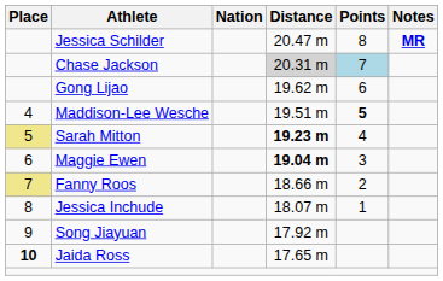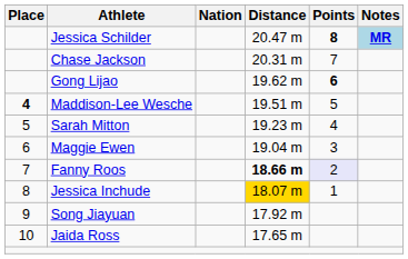 <table class="wikitable mw-datatable sortable" style="text-align:center;">
 <tr>
 <th scope="col">Place</th>
 <th scope="col">Athlete</th>
 <th scope="col">Nation</th>
 <th scope="col">Distance</th>
 <th scope="col">Points</th>
 <th scope="col">Notes</th>
 </tr>
 <tr>
 <td></td>
 <td align="left"><a href='#'>Jessica Schilder</a></td>
 <td align="left"></td>
 <td>20.47 m</td>
-<td>8</td>
-<td><strong><a href='#'>MR</a></strong></td>
+<td><strong>8</strong></td>
+<td style="background: lightblue;"><strong><a href='#'>MR</a></strong></td>
 </tr>
 <tr>
 <td></td>
 <td align="left"><a href='#'>Chase Jackson</a></td>
 <td align="left"></td>
-<td style="background: lightgrey;">20.31 m</td>
-<td style="background: lightblue;">7</td>
+<td>20.31 m</td>
+<td>7</td>
 <td></td>
 </tr>
 <tr>
 <td></td>
 <td align="left"><a href='#'>Gong Lijao</a></td>
 <td align="left"></td>
 <td>19.62 m</td>
-<td>6</td>
+<td><strong>6</strong></td>
 <td></td>
 </tr>
 <tr>
-<td>4</td>
+<td><strong>4</strong></td>
 <td align="left"><a href='#'>Maddison-Lee Wesche</a></td>
 <td align="left"></td>
 <td>19.51 m</td>
-<td><strong>5</strong></td>
+<td>5</td>
 <td></td>
 </tr>
 <tr>
-<td style="background: khaki;">5</td>
+<td>5</td>
 <td align="left"><a href='#'>Sarah Mitton</a></td>
 <td align="left"></td>
-<td><strong>19.23 m</strong></td>
+<td>19.23 m</td>
 <td>4</td>
 <td></td>
 </tr>
 <tr>
 <td>6</td>
 <td align="left"><a href='#'>Maggie Ewen</a></td>
 <td align="left"></td>
-<td><strong>19.04 m</strong></td>
+<td>19.04 m</td>
 <td>3</td>
 <td></td>
 </tr>
 <tr>
-<td style="background: khaki;">7</td>
+<td>7</td>
 <td align="left"><a href='#'>Fanny Roos</a></td>
 <td align="left"></td>
-<td>18.66 m</td>
-<td>2</td>
+<td><strong>18.66 m</strong></td>
+<td style="background: lavender;">2</td>
 <td></td>
 </tr>
 <tr>
 <td>8</td>
 <td align="left"><a href='#'>Jessica Inchude</a></td>
 <td align="left"></td>
-<td>18.07 m</td>
+<td style="background: gold;">18.07 m</td>
 <td>1</td>
 <td></td>
 </tr>
 <tr>
 <td>9</td>
 <td align="left"><a href='#'>Song Jiayuan</a></td>
 <td align="left"></td>
 <td>17.92 m</td>
 <td></td>
 <td></td>
 </tr>
 <tr>
-<td><strong>10</strong></td>
+<td>10</td>
 <td align="left"><a href='#'>Jaida Ross</a></td>
 <td align="left"></td>
 <td>17.65 m</td>
 <td></td>
 <td></td>
 </tr>
 <tr class="sortbottom">
 <td colspan="6"></td>
 </tr>
 </table>
